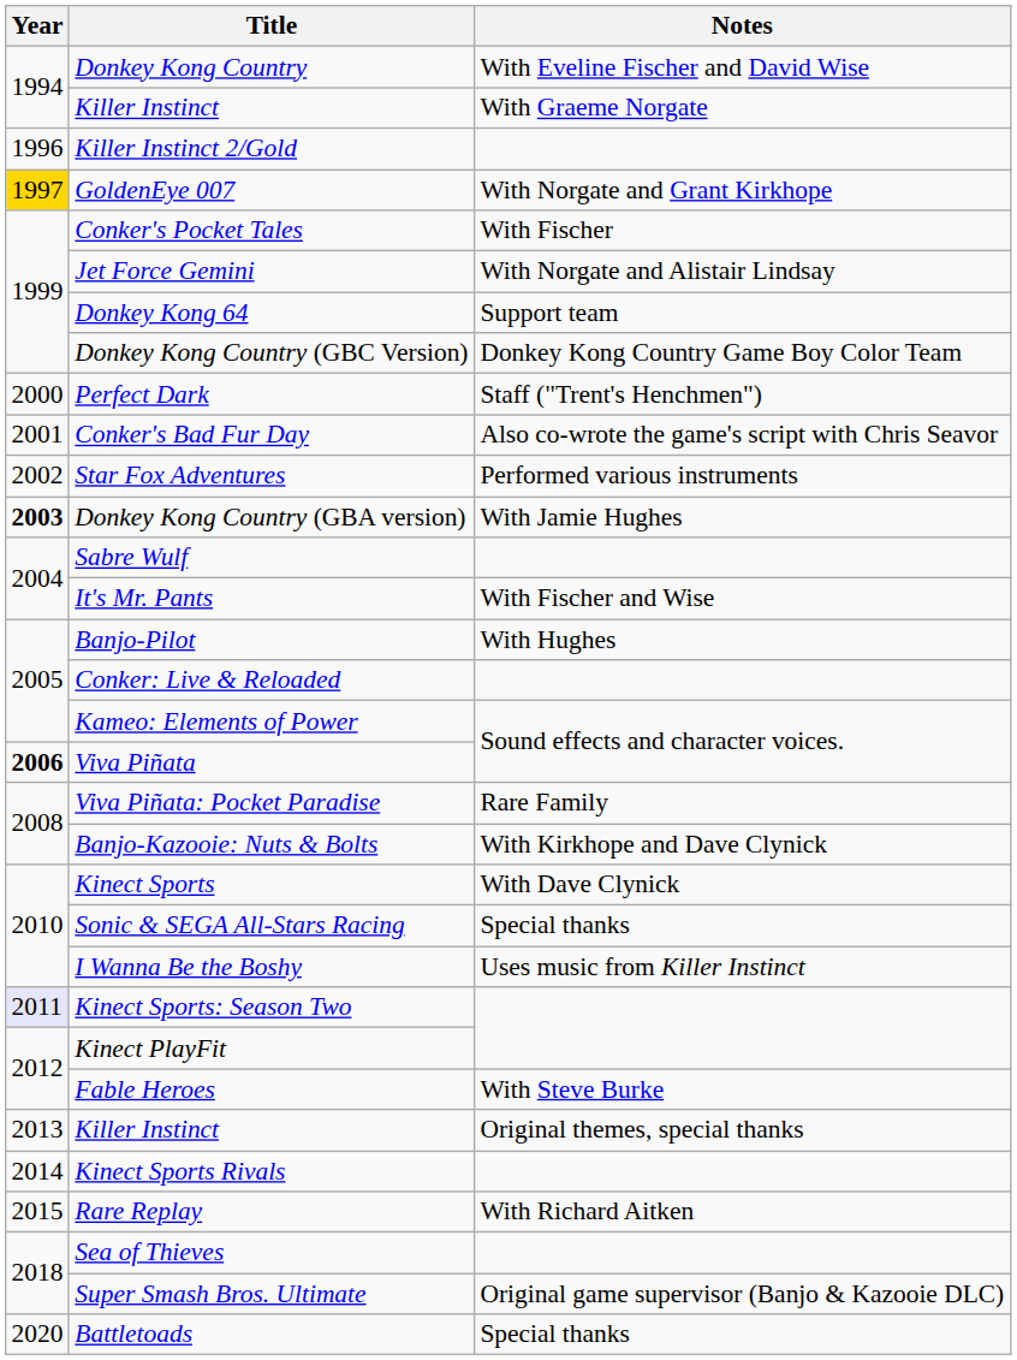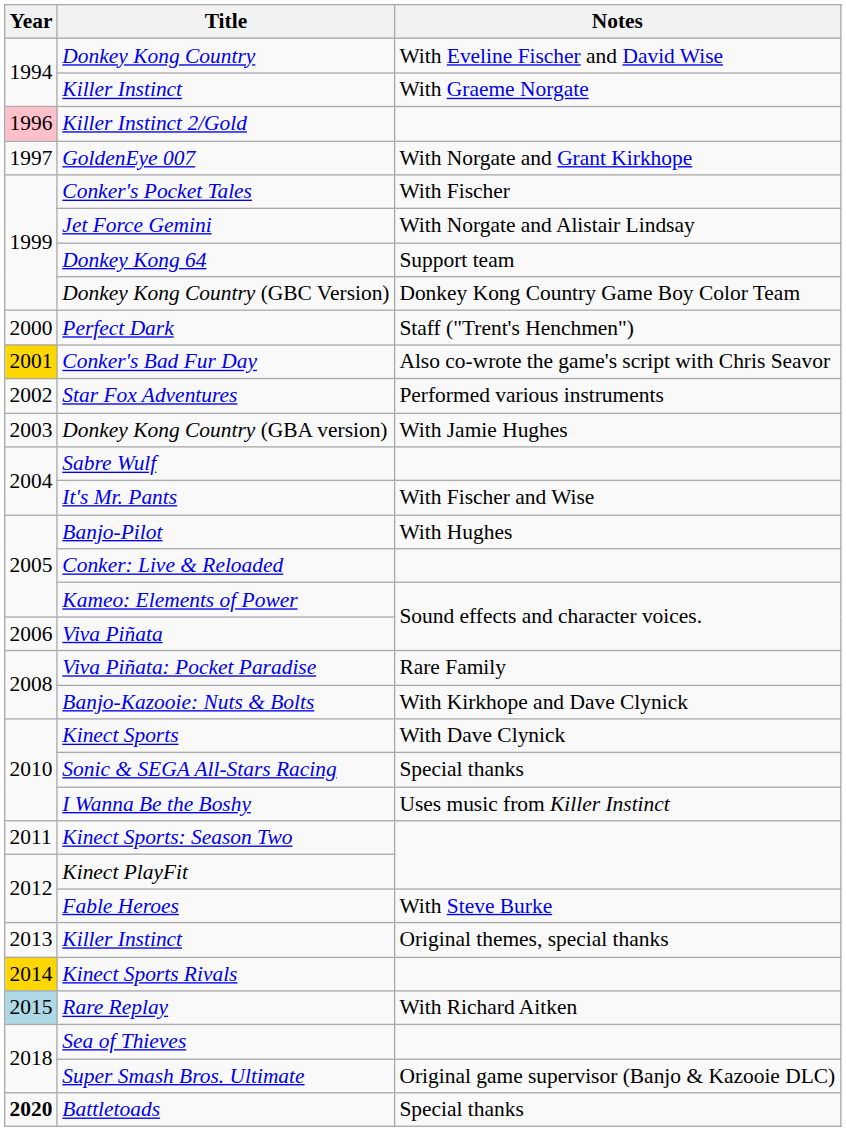 <table class="wikitable sortable">
 <tr>
 <th>Year</th>
 <th>Title</th>
 <th>Notes</th>
 </tr>
 <tr>
 <td rowspan="2">1994</td>
 <td><em><a href='#'>Donkey Kong Country</a></em></td>
 <td>With <a href='#'>Eveline Fischer</a> and <a href='#'>David Wise</a></td>
 </tr>
 <tr>
 <td><em><a href='#'>Killer Instinct</a></em></td>
 <td>With <a href='#'>Graeme Norgate</a></td>
 </tr>
 <tr>
-<td>1996</td>
+<td style="background: pink;">1996</td>
 <td><em><a href='#'>Killer Instinct 2/Gold</a></em></td>
 <td></td>
 </tr>
 <tr>
-<td style="background: gold;">1997</td>
+<td>1997</td>
 <td><em><a href='#'>GoldenEye 007</a></em></td>
 <td>With Norgate and <a href='#'>Grant Kirkhope</a></td>
 </tr>
 <tr>
 <td rowspan="4">1999</td>
 <td><em><a href='#'>Conker's Pocket Tales</a></em></td>
 <td>With Fischer</td>
 </tr>
 <tr>
 <td><em><a href='#'>Jet Force Gemini</a></em></td>
 <td>With Norgate and Alistair Lindsay</td>
 </tr>
 <tr>
 <td><em><a href='#'>Donkey Kong 64</a></em></td>
 <td>Support team</td>
 </tr>
 <tr>
 <td><em>Donkey Kong Country</em> (GBC Version)</td>
 <td>Donkey Kong Country Game Boy Color Team</td>
 </tr>
 <tr>
 <td>2000</td>
 <td><em><a href='#'>Perfect Dark</a></em></td>
 <td>Staff ("Trent's Henchmen")</td>
 </tr>
 <tr>
-<td>2001</td>
+<td style="background: gold;">2001</td>
 <td><em><a href='#'>Conker's Bad Fur Day</a></em></td>
 <td>Also co-wrote the game's script with Chris Seavor</td>
 </tr>
 <tr>
 <td>2002</td>
 <td><em><a href='#'>Star Fox Adventures</a></em></td>
 <td>Performed various instruments</td>
 </tr>
 <tr>
-<td><strong>2003</strong></td>
+<td>2003</td>
 <td><em>Donkey Kong Country</em> (GBA version)</td>
 <td>With Jamie Hughes</td>
 </tr>
 <tr>
 <td rowspan="2">2004</td>
 <td><em><a href='#'>Sabre Wulf</a></em></td>
 <td></td>
 </tr>
 <tr>
 <td><em><a href='#'>It's Mr. Pants</a></em></td>
 <td>With Fischer and Wise</td>
 </tr>
 <tr>
 <td rowspan="3">2005</td>
 <td><em><a href='#'>Banjo-Pilot</a></em></td>
 <td>With Hughes</td>
 </tr>
 <tr>
 <td><em><a href='#'>Conker: Live & Reloaded</a></em></td>
 </tr>
 <tr>
 <td><em><a href='#'>Kameo: Elements of Power</a></em></td>
 <td rowspan="2">Sound effects and character voices.</td>
 </tr>
 <tr>
-<td><strong>2006</strong></td>
+<td>2006</td>
 <td><em><a href='#'>Viva Piñata</a></em></td>
 </tr>
 <tr>
 <td rowspan="2">2008</td>
 <td><em><a href='#'>Viva Piñata: Pocket Paradise</a></em></td>
 <td>Rare Family</td>
 </tr>
 <tr>
 <td><em><a href='#'>Banjo-Kazooie: Nuts & Bolts</a></em></td>
 <td>With Kirkhope and Dave Clynick</td>
 </tr>
 <tr>
 <td rowspan="3">2010</td>
 <td><em><a href='#'>Kinect Sports</a></em></td>
 <td>With Dave Clynick</td>
 </tr>
 <tr>
 <td><em><a href='#'>Sonic & SEGA All-Stars Racing</a></em></td>
 <td>Special thanks</td>
 </tr>
 <tr>
 <td><em><a href='#'>I Wanna Be the Boshy</a></em></td>
 <td>Uses music from <em>Killer Instinct</em></td>
 </tr>
 <tr>
-<td style="background: lavender;">2011</td>
+<td>2011</td>
 <td><em><a href='#'>Kinect Sports: Season Two</a></em></td>
 <td rowspan="2"></td>
 </tr>
 <tr>
 <td rowspan="2">2012</td>
 <td><em>Kinect PlayFit</em></td>
 </tr>
 <tr>
 <td><em><a href='#'>Fable Heroes</a></em></td>
 <td>With <a href='#'>Steve Burke</a></td>
 </tr>
 <tr>
 <td>2013</td>
 <td><em><a href='#'>Killer Instinct</a></em></td>
 <td>Original themes, special thanks</td>
 </tr>
 <tr>
-<td>2014</td>
+<td style="background: gold;">2014</td>
 <td><em><a href='#'>Kinect Sports Rivals</a></em></td>
 <td></td>
 </tr>
 <tr>
-<td>2015</td>
+<td style="background: lightblue;">2015</td>
 <td><em><a href='#'>Rare Replay</a></em></td>
 <td>With Richard Aitken</td>
 </tr>
 <tr>
 <td rowspan="2">2018</td>
 <td><em><a href='#'>Sea of Thieves</a></em></td>
 <td></td>
 </tr>
 <tr>
 <td><em><a href='#'>Super Smash Bros. Ultimate</a></em></td>
 <td>Original game supervisor (Banjo & Kazooie DLC)</td>
 </tr>
 <tr>
-<td>2020</td>
+<td><strong>2020</strong></td>
 <td><em><a href='#'>Battletoads</a></em></td>
 <td>Special thanks</td>
 </tr>
 </table>
